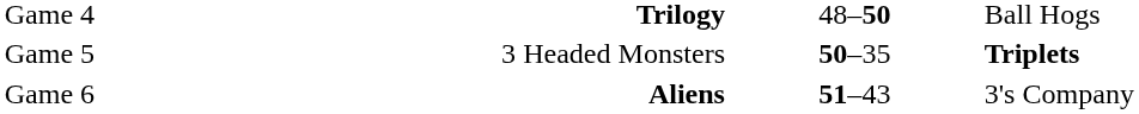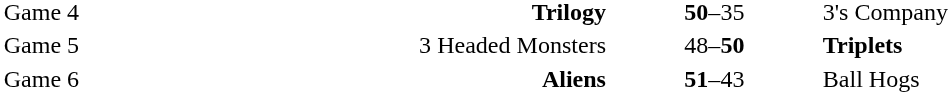 <table style="width:100%;" cellspacing="1">
 <tr>
 <th width=15%></th>
 <th width=25%></th>
 <th width=10%></th>
 <th width=25%></th>
 </tr>
 <tr style=font-size:90%>
 <td align=right>Game 4</td>
 <td align=right><strong>Trilogy</strong></td>
-<td align=center>48–<strong>50</strong></td>
-<td>Ball Hogs</td>
+<td align=center><strong>50</strong>–35</td>
+<td>3's Company</td>
 <td></td>
 </tr>
 <tr style=font-size:90%>
 <td align=right>Game 5</td>
 <td align=right>3 Headed Monsters</td>
-<td align=center><strong>50</strong>–35</td>
+<td align=center>48–<strong>50</strong></td>
 <td><strong>Triplets</strong></td>
 <td></td>
 </tr>
 <tr style=font-size:90%>
 <td align=right>Game 6</td>
 <td align=right><strong>Aliens</strong></td>
 <td align=center><strong>51</strong>–43</td>
-<td>3's Company</td>
+<td>Ball Hogs</td>
 <td></td>
 </tr>
 </table>
